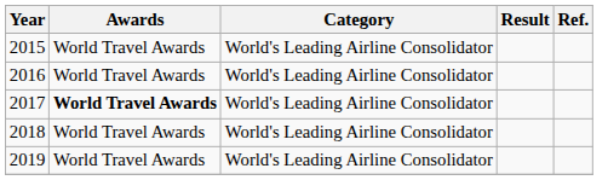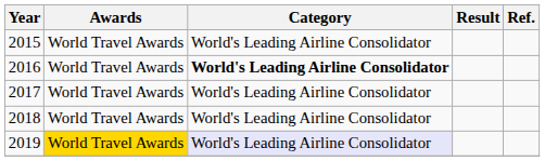 <table class="wikitable">
 <tr>
 <th>Year</th>
 <th>Awards</th>
 <th>Category</th>
 <th>Result</th>
 <th>Ref.</th>
 </tr>
 <tr>
 <td>2015</td>
 <td>World Travel Awards</td>
 <td>World's Leading Airline Consolidator</td>
 <td></td>
 <td></td>
 </tr>
 <tr>
 <td>2016</td>
 <td>World Travel Awards</td>
-<td>World's Leading Airline Consolidator</td>
+<td><strong>World's Leading Airline Consolidator</strong></td>
 <td></td>
 <td></td>
 </tr>
 <tr>
 <td>2017</td>
-<td><strong>World Travel Awards</strong></td>
+<td>World Travel Awards</td>
 <td>World's Leading Airline Consolidator</td>
 <td></td>
 <td></td>
 </tr>
 <tr>
 <td>2018</td>
 <td>World Travel Awards</td>
 <td>World's Leading Airline Consolidator</td>
 <td></td>
 <td></td>
 </tr>
 <tr>
 <td>2019</td>
-<td>World Travel Awards</td>
-<td>World's Leading Airline Consolidator</td>
+<td style="background: gold;">World Travel Awards</td>
+<td style="background: lavender;">World's Leading Airline Consolidator</td>
 <td></td>
 <td></td>
 </tr>
 <tr>
 </tr>
 </table>
